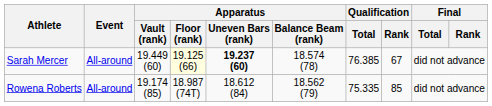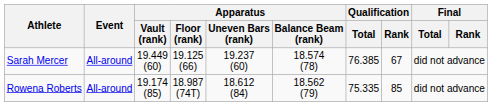 <table class="wikitable" style="font-size:90%">
 <tr>
 <th rowspan="2">Athlete</th>
 <th rowspan="2">Event</th>
 <th colspan = "4">Apparatus</th>
 <th colspan = "2">Qualification</th>
 <th colspan = "2">Final</th>
 </tr>
 <tr>
 <th>Vault<br>(rank)</th>
 <th>Floor<br>(rank)</th>
 <th>Uneven Bars<br>(rank)</th>
 <th>Balance Beam<br>(rank)</th>
 <th>Total</th>
 <th>Rank</th>
 <th>Total</th>
 <th>Rank</th>
 </tr>
 <tr>
 <td><a href='#'>Sarah Mercer</a></td>
 <td><a href='#'>All-around</a></td>
 <td align=center>19.449<br>(60)</td>
-<td align=center style="background: lightyellow;">19.125<br>(66)</td>
-<td align=center><strong>19.237<br>(60)</strong></td>
+<td align=center>19.125<br>(66)</td>
+<td align=center>19.237<br>(60)</td>
 <td align=center>18.574<br>(78)</td>
 <td align=center>76.385</td>
 <td align=center>67</td>
 <td style="text-align:center;" colspan="2">did not advance</td>
 </tr>
 <tr>
 <td><a href='#'>Rowena Roberts</a></td>
 <td><a href='#'>All-around</a></td>
 <td align=center>19.174<br>(85)</td>
 <td align=center>18.987<br>(74T)</td>
 <td align=center>18.612<br>(84)</td>
 <td align=center>18.562<br>(79)</td>
 <td align=center>75.335</td>
 <td align=center>85</td>
 <td style="text-align:center;" colspan="2">did not advance</td>
 </tr>
 </table>
